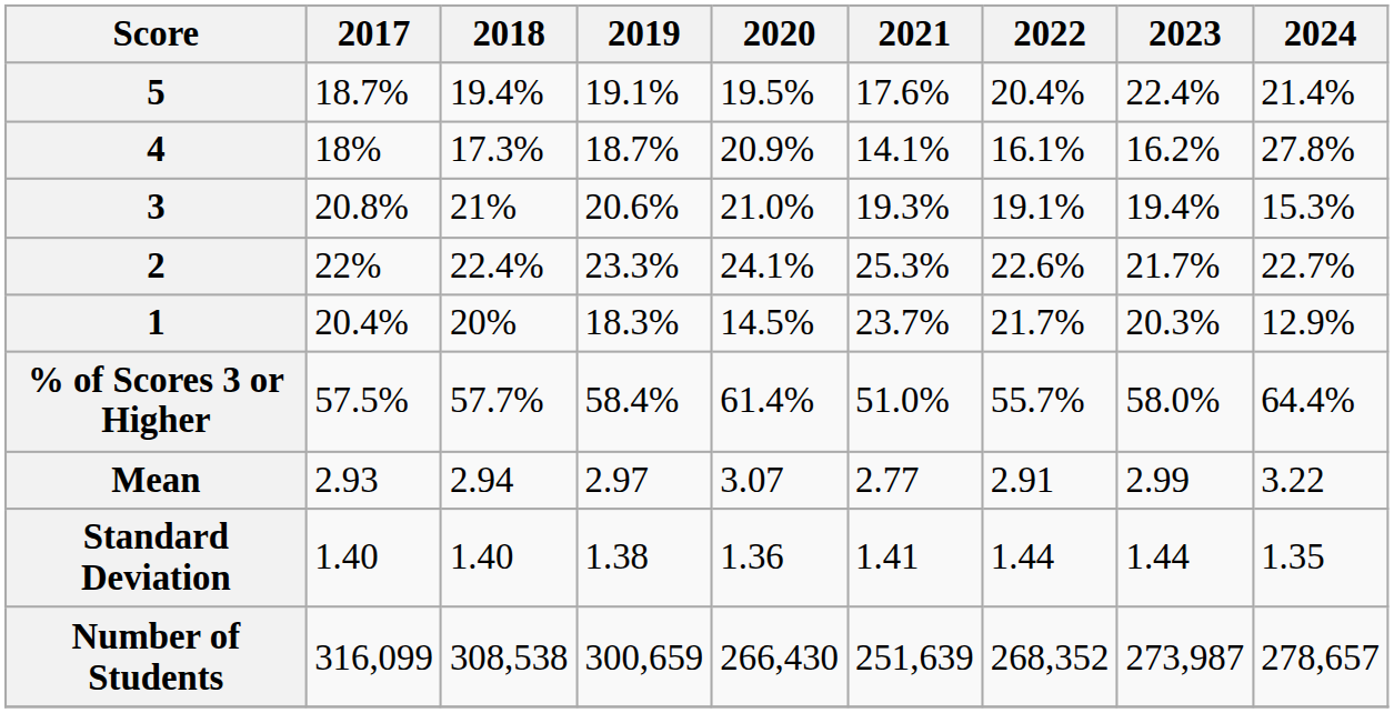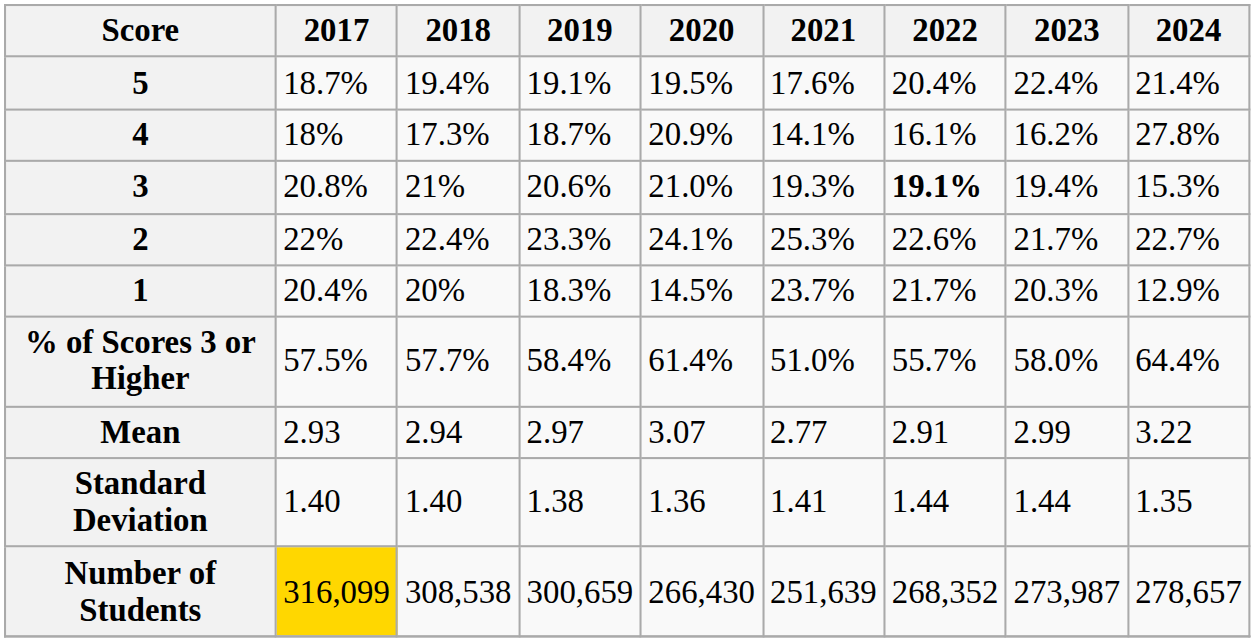 <table class="wikitable" border="1">
 <tr>
 <th>Score</th>
 <th>2017</th>
 <th>2018</th>
 <th>2019</th>
 <th>2020</th>
 <th>2021</th>
 <th>2022</th>
 <th>2023</th>
 <th>2024</th>
 </tr>
 <tr>
 <th>5</th>
 <td>18.7%</td>
 <td>19.4%</td>
 <td>19.1%</td>
 <td>19.5%</td>
 <td>17.6%</td>
 <td>20.4%</td>
 <td>22.4%</td>
 <td>21.4%</td>
 </tr>
 <tr>
 <th>4</th>
 <td>18%</td>
 <td>17.3%</td>
 <td>18.7%</td>
 <td>20.9%</td>
 <td>14.1%</td>
 <td>16.1%</td>
 <td>16.2%</td>
 <td>27.8%</td>
 </tr>
 <tr>
 <th>3</th>
 <td>20.8%</td>
 <td>21%</td>
 <td>20.6%</td>
 <td>21.0%</td>
 <td>19.3%</td>
-<td>19.1%</td>
+<td><strong>19.1%</strong></td>
 <td>19.4%</td>
 <td>15.3%</td>
 </tr>
 <tr>
 <th>2</th>
 <td>22%</td>
 <td>22.4%</td>
 <td>23.3%</td>
 <td>24.1%</td>
 <td>25.3%</td>
 <td>22.6%</td>
 <td>21.7%</td>
 <td>22.7%</td>
 </tr>
 <tr>
 <th>1</th>
 <td>20.4%</td>
 <td>20%</td>
 <td>18.3%</td>
 <td>14.5%</td>
 <td>23.7%</td>
 <td>21.7%</td>
 <td>20.3%</td>
 <td>12.9%</td>
 </tr>
 <tr>
 <th>% of Scores 3 or Higher</th>
 <td>57.5%</td>
 <td>57.7%</td>
 <td>58.4%</td>
 <td>61.4%</td>
 <td>51.0%</td>
 <td>55.7%</td>
 <td>58.0%</td>
 <td>64.4%</td>
 </tr>
 <tr>
 <th>Mean</th>
 <td>2.93</td>
 <td>2.94</td>
 <td>2.97</td>
 <td>3.07</td>
 <td>2.77</td>
 <td>2.91</td>
 <td>2.99</td>
 <td>3.22</td>
 </tr>
 <tr>
 <th>Standard Deviation</th>
 <td>1.40</td>
 <td>1.40</td>
 <td>1.38</td>
 <td>1.36</td>
 <td>1.41</td>
 <td>1.44</td>
 <td>1.44</td>
 <td>1.35</td>
 </tr>
 <tr>
 <th>Number of Students</th>
-<td>316,099</td>
+<td style="background: gold;">316,099</td>
 <td>308,538</td>
 <td>300,659</td>
 <td>266,430</td>
 <td>251,639</td>
 <td>268,352</td>
 <td>273,987</td>
 <td>278,657</td>
 </tr>
 <tr>
 </tr>
 </table>
